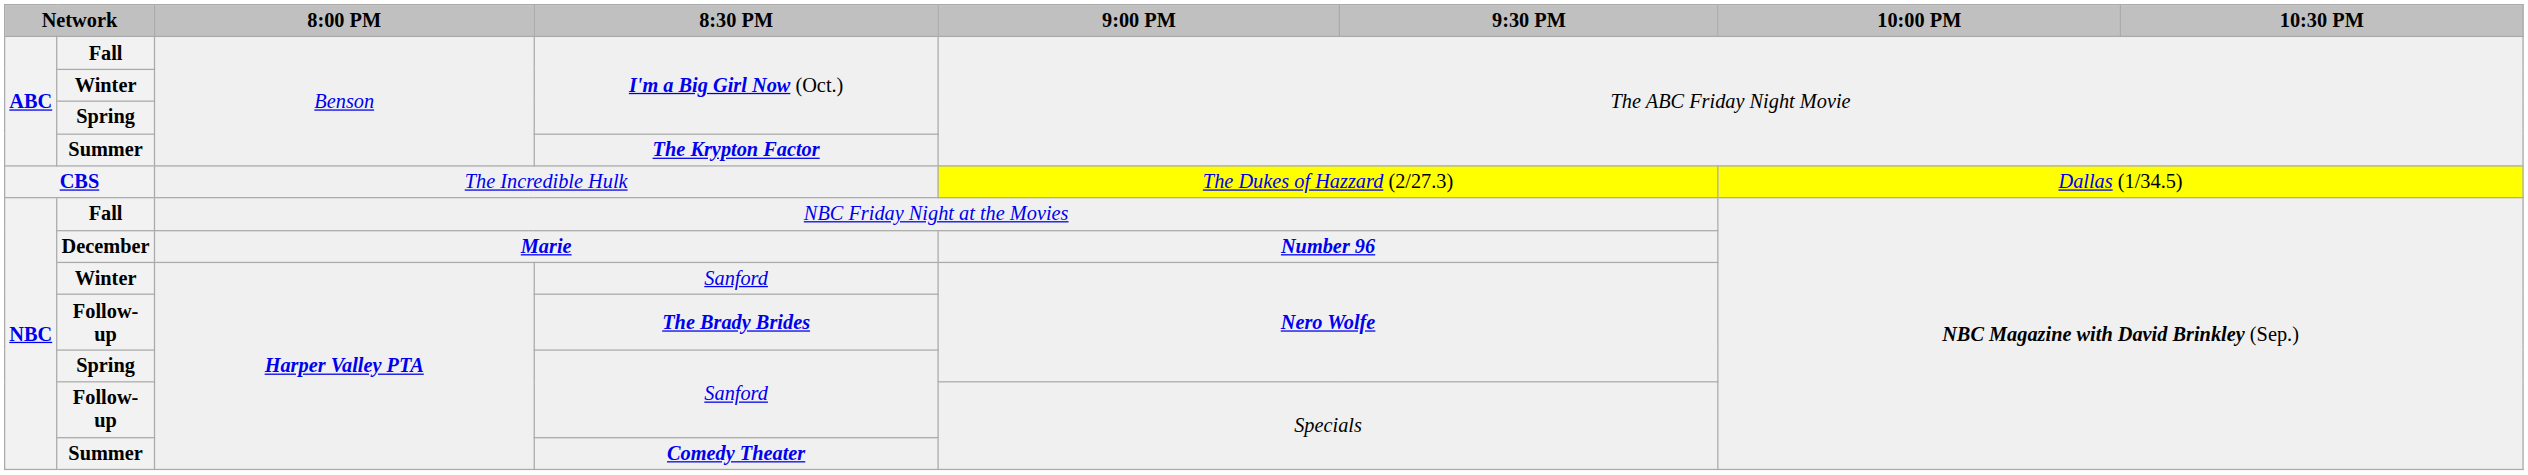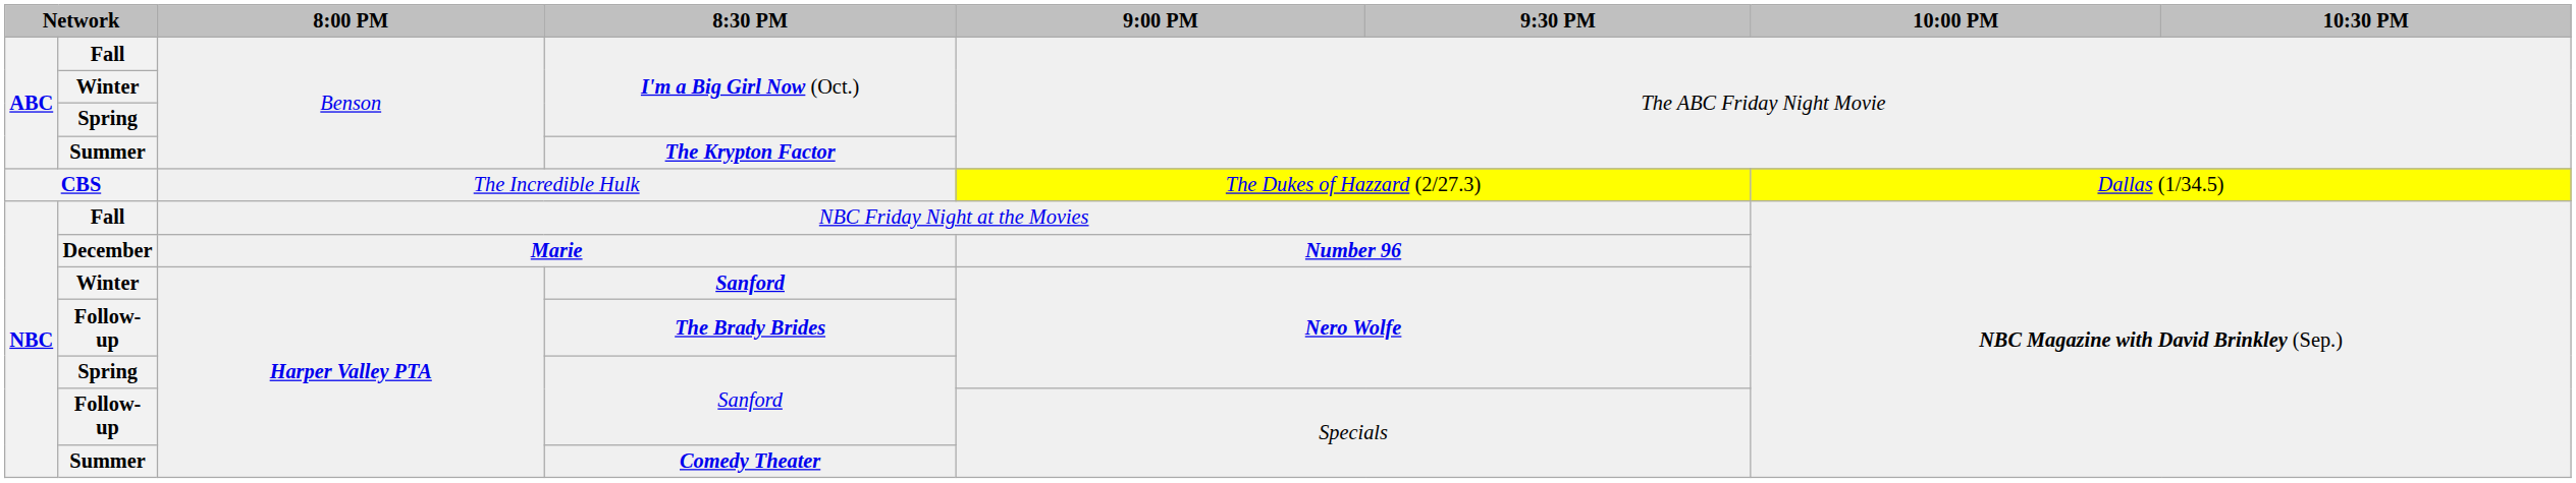 <table class="wikitable plainrowheaders" style="width:100%; margin:auto; text-align:center;">
 <tr>
 <th colspan="2" style="background-color:#C0C0C0;text-align:center">Network</th>
 <th width="16%" style="background-color:#C0C0C0;text-align:center">8:00 PM</th>
 <th width="17%" style="background-color:#C0C0C0;text-align:center">8:30 PM</th>
 <th width="17%" style="background-color:#C0C0C0;text-align:center">9:00 PM</th>
 <th width="16%" style="background-color:#C0C0C0;text-align:center">9:30 PM</th>
 <th width="17%" style="background-color:#C0C0C0;text-align:center">10:00 PM</th>
 <th width="17%" style="background-color:#C0C0C0;text-align:center">10:30 PM</th>
 </tr>
 <tr>
 <th rowspan="4" bgcolor="#C0C0C0"><a href='#'>ABC</a></th>
 <th>Fall</th>
 <td rowspan="4" bgcolor="#F0F0F0"><em><a href='#'>Benson</a></em></td>
 <td bgcolor="#F0F0F0" rowspan="3"><strong><em><a href='#'>I'm a Big Girl Now</a></em></strong> (Oct.)</td>
 <td colspan="4" rowspan="4" bgcolor="#F0F0F0"><em>The ABC Friday Night Movie</em></td>
 </tr>
 <tr>
 <th>Winter</th>
 </tr>
 <tr>
 <th>Spring</th>
 </tr>
 <tr>
 <th>Summer</th>
 <td bgcolor="#F0F0F0"><strong><em><a href='#'>The Krypton Factor</a></em></strong></td>
 </tr>
 <tr>
 <th bgcolor="#C0C0C0" colspan="2"><a href='#'>CBS</a></th>
 <td bgcolor="#F0F0F0" colspan="2"><em><a href='#'>The Incredible Hulk</a></em></td>
 <td bgcolor="#FFFF00" colspan="2"><em><a href='#'>The Dukes of Hazzard</a></em> (2/27.3)</td>
 <td bgcolor="#FFFF00" colspan="2"><em><a href='#'>Dallas</a></em> (1/34.5)</td>
 </tr>
 <tr>
 <th rowspan="7" bgcolor="#C0C0C0"><a href='#'>NBC</a></th>
 <th>Fall</th>
 <td bgcolor="#F0F0F0" colspan="4"><em><a href='#'>NBC Friday Night at the Movies</a></em></td>
 <td colspan="2" rowspan="7" bgcolor="#F0F0F0"><strong><em>NBC Magazine with David Brinkley</em></strong> (Sep.)</td>
 </tr>
 <tr>
 <th>December</th>
 <td bgcolor="#F0F0F0" colspan="2"><strong><em><a href='#'>Marie</a></em></strong></td>
 <td bgcolor="#F0F0F0" colspan="2"><strong><em><a href='#'>Number 96</a></em></strong></td>
 </tr>
 <tr>
 <th>Winter</th>
 <td rowspan="5" bgcolor="#F0F0F0"><strong><em><a href='#'>Harper Valley PTA</a></em></strong></td>
-<td bgcolor="#F0F0F0"><em><a href='#'>Sanford</a></em></td>
+<td bgcolor="#F0F0F0"><strong><em><a href='#'>Sanford</a></em></strong></td>
 <td colspan="2" rowspan="3" bgcolor="#F0F0F0"><strong><em><a href='#'>Nero Wolfe</a></em></strong></td>
 </tr>
 <tr>
 <th>Follow-up</th>
 <td bgcolor="#F0F0F0"><strong><em><a href='#'>The Brady Brides</a></em></strong></td>
 </tr>
 <tr>
 <th>Spring</th>
 <td rowspan="2" bgcolor="#F0F0F0"><em><a href='#'>Sanford</a></em></td>
 </tr>
 <tr>
 <th>Follow-up</th>
 <td colspan="2" rowspan="2"  bgcolor="#F0F0F0"><em>Specials</em></td>
 </tr>
 <tr>
 <th>Summer</th>
 <td bgcolor="#F0F0F0"><strong><em><a href='#'>Comedy Theater</a></em></strong></td>
 </tr>
 </table>
